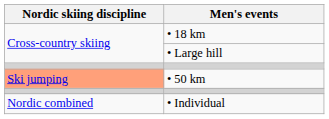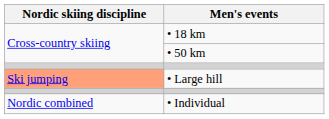 <table class="wikitable">
 <tr>
 <th width=200!>Nordic skiing discipline</th>
 <th width=200!>Men's events</th>
 </tr>
 <tr>
 <td rowspan=2><a href='#'>Cross-country skiing</a></td>
 <td>• 18 km</td>
 </tr>
 <tr>
-<td>• Large hill</td>
+<td>• 50 km</td>
 </tr>
 <tr bgcolor=lightgray>
 <td></td>
 <td></td>
 </tr>
 <tr>
 <td style="background: lightsalmon;"><a href='#'>Ski jumping</a></td>
-<td>• 50 km</td>
+<td>• Large hill</td>
 </tr>
 <tr bgcolor=lightgray>
 <td></td>
 <td></td>
 </tr>
 <tr>
 <td><a href='#'>Nordic combined</a></td>
 <td>• Individual</td>
 </tr>
 </table>
